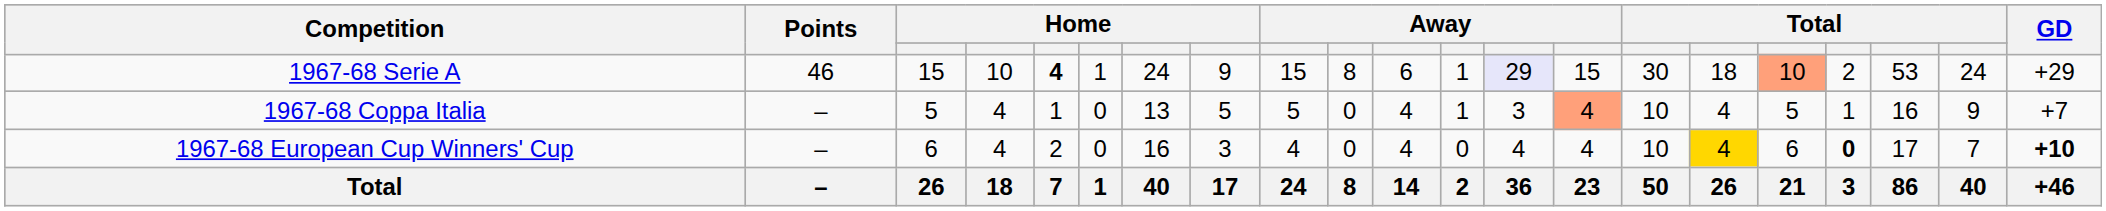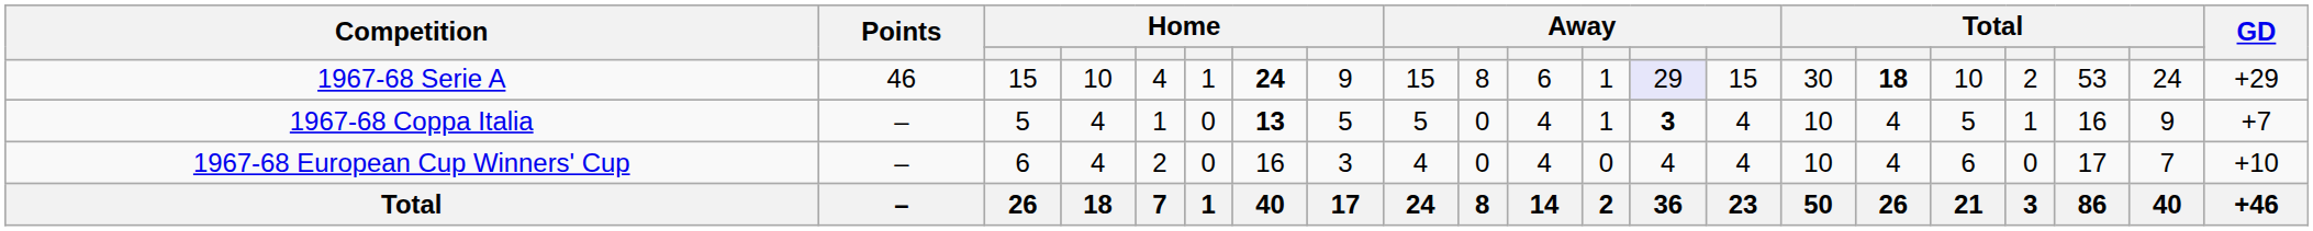 <table class="wikitable" style="font-size:90%;width:100%;margin:auto;clear:both;text-align:center;">
 <tr>
 <th rowspan="2">Competition</th>
 <th rowspan="2">Points</th>
 <th colspan="6">Home</th>
 <th colspan="6">Away</th>
 <th colspan="6">Total</th>
 <th rowspan="2"><a href='#'>GD</a></th>
 </tr>
 <tr>
 <th></th>
 <th></th>
 <th></th>
 <th></th>
 <th></th>
 <th></th>
 <th></th>
 <th></th>
 <th></th>
 <th></th>
 <th></th>
 <th></th>
 <th></th>
 <th></th>
 <th></th>
 <th></th>
 <th></th>
 <th></th>
 </tr>
 <tr>
 <td><a href='#'>1967-68 Serie A</a></td>
 <td>46</td>
 <td>15</td>
 <td>10</td>
-<td><strong>4</strong></td>
+<td>4</td>
 <td>1</td>
-<td>24</td>
+<td><strong>24</strong></td>
 <td>9</td>
 <td>15</td>
 <td>8</td>
 <td>6</td>
 <td>1</td>
 <td style="background: lavender;">29</td>
 <td>15</td>
 <td>30</td>
-<td>18</td>
-<td style="background: lightsalmon;">10</td>
+<td><strong>18</strong></td>
+<td>10</td>
 <td>2</td>
 <td>53</td>
 <td>24</td>
 <td>+29</td>
 </tr>
 <tr>
 <td><a href='#'>1967-68 Coppa Italia</a></td>
 <td>–</td>
 <td>5</td>
 <td>4</td>
 <td>1</td>
 <td>0</td>
-<td>13</td>
+<td><strong>13</strong></td>
 <td>5</td>
 <td>5</td>
 <td>0</td>
 <td>4</td>
 <td>1</td>
-<td>3</td>
-<td style="background: lightsalmon;">4</td>
+<td><strong>3</strong></td>
+<td>4</td>
 <td>10</td>
 <td>4</td>
 <td>5</td>
 <td>1</td>
 <td>16</td>
 <td>9</td>
 <td>+7</td>
 </tr>
 <tr>
 <td><a href='#'>1967-68 European Cup Winners' Cup</a></td>
 <td>–</td>
 <td>6</td>
 <td>4</td>
 <td>2</td>
 <td>0</td>
 <td>16</td>
 <td>3</td>
 <td>4</td>
 <td>0</td>
 <td>4</td>
 <td>0</td>
 <td>4</td>
 <td>4</td>
 <td>10</td>
-<td style="background: gold;">4</td>
+<td>4</td>
 <td>6</td>
-<td><strong>0</strong></td>
+<td>0</td>
 <td>17</td>
 <td>7</td>
-<td><strong>+10</strong></td>
+<td>+10</td>
 </tr>
 <tr>
 <th>Total</th>
 <th>–</th>
 <th>26</th>
 <th>18</th>
 <th>7</th>
 <th>1</th>
 <th>40</th>
 <th>17</th>
 <th>24</th>
 <th>8</th>
 <th>14</th>
 <th>2</th>
 <th>36</th>
 <th>23</th>
 <th>50</th>
 <th>26</th>
 <th>21</th>
 <th>3</th>
 <th>86</th>
 <th>40</th>
 <th>+46</th>
 </tr>
 </table>
